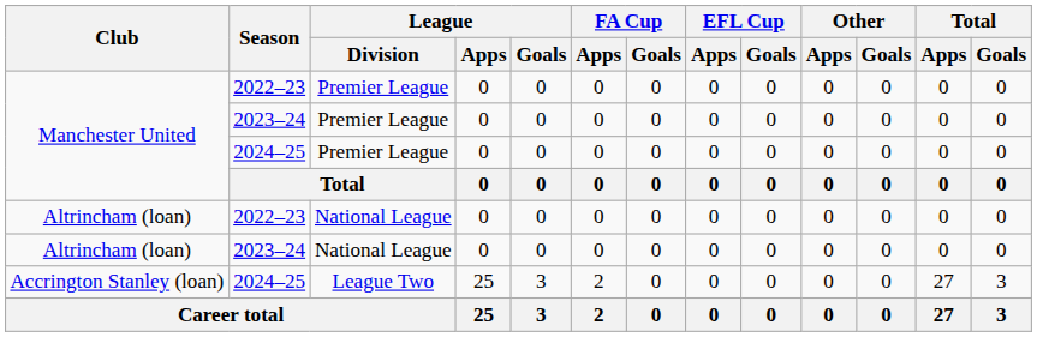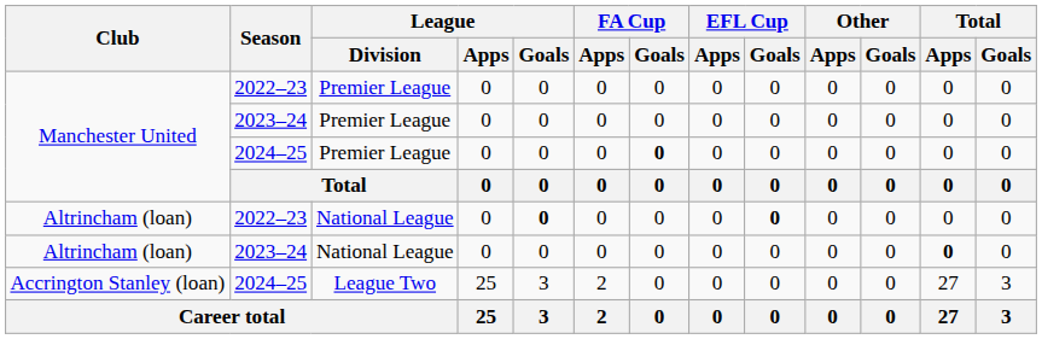 <table class=wikitable style=text-align:center>
 <tr>
 <th rowspan=2>Club</th>
 <th rowspan=2>Season</th>
 <th colspan=3>League</th>
 <th colspan=2><a href='#'>FA Cup</a></th>
 <th colspan=2><a href='#'>EFL Cup</a></th>
 <th colspan=2>Other</th>
 <th colspan=2>Total</th>
 </tr>
 <tr>
 <th>Division</th>
 <th>Apps</th>
 <th>Goals</th>
 <th>Apps</th>
 <th>Goals</th>
 <th>Apps</th>
 <th>Goals</th>
 <th>Apps</th>
 <th>Goals</th>
 <th>Apps</th>
 <th>Goals</th>
 </tr>
 <tr>
 <td rowspan=4><a href='#'>Manchester United</a></td>
 <td><a href='#'>2022–23</a></td>
 <td><a href='#'>Premier League</a></td>
 <td>0</td>
 <td>0</td>
 <td>0</td>
 <td>0</td>
 <td>0</td>
 <td>0</td>
 <td>0</td>
 <td>0</td>
 <td>0</td>
 <td>0</td>
 </tr>
 <tr>
 <td><a href='#'>2023–24</a></td>
 <td>Premier League</td>
 <td>0</td>
 <td>0</td>
 <td>0</td>
 <td>0</td>
 <td>0</td>
 <td>0</td>
 <td>0</td>
 <td>0</td>
 <td>0</td>
 <td>0</td>
 </tr>
 <tr>
 <td><a href='#'>2024–25</a></td>
 <td>Premier League</td>
 <td>0</td>
 <td>0</td>
 <td>0</td>
-<td>0</td>
+<td><strong>0</strong></td>
 <td>0</td>
 <td>0</td>
 <td>0</td>
 <td>0</td>
 <td>0</td>
 <td>0</td>
 </tr>
 <tr>
 <th colspan="2">Total</th>
 <th>0</th>
 <th>0</th>
 <th>0</th>
 <th>0</th>
 <th>0</th>
 <th>0</th>
 <th>0</th>
 <th>0</th>
 <th>0</th>
 <th>0</th>
 </tr>
 <tr>
 <td><a href='#'>Altrincham</a> (loan)</td>
 <td><a href='#'>2022–23</a></td>
 <td><a href='#'>National League</a></td>
 <td>0</td>
+<td><strong>0</strong></td>
 <td>0</td>
 <td>0</td>
 <td>0</td>
-<td>0</td>
-<td>0</td>
+<td><strong>0</strong></td>
 <td>0</td>
 <td>0</td>
 <td>0</td>
 <td>0</td>
 </tr>
 <tr>
 <td><a href='#'>Altrincham</a> (loan)</td>
 <td><a href='#'>2023–24</a></td>
 <td>National League</td>
 <td>0</td>
 <td>0</td>
 <td>0</td>
 <td>0</td>
 <td>0</td>
 <td>0</td>
 <td>0</td>
 <td>0</td>
-<td>0</td>
+<td><strong>0</strong></td>
 <td>0</td>
 </tr>
 <tr>
 <td><a href='#'>Accrington Stanley</a> (loan)</td>
 <td><a href='#'>2024–25</a></td>
 <td><a href='#'>League Two</a></td>
 <td>25</td>
 <td>3</td>
 <td>2</td>
 <td>0</td>
 <td>0</td>
 <td>0</td>
 <td>0</td>
 <td>0</td>
 <td>27</td>
 <td>3</td>
 </tr>
 <tr>
 <th colspan="3">Career total</th>
 <th>25</th>
 <th>3</th>
 <th>2</th>
 <th>0</th>
 <th>0</th>
 <th>0</th>
 <th>0</th>
 <th>0</th>
 <th>27</th>
 <th>3</th>
 </tr>
 </table>
